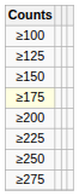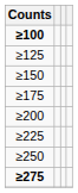 <table class="wikitable">
 <tr>
 <th>Counts</th>
 <th></th>
 <th></th>
 <th></th>
 </tr>
 <tr style="text-align:center;">
-<td>≥100</td>
+<td><strong>≥100</strong></td>
 <td></td>
 <td></td>
 <td></td>
 </tr>
 <tr style="text-align:center;">
 <td>≥125</td>
 <td></td>
 <td></td>
 <td></td>
 </tr>
 <tr style="text-align:center;">
 <td>≥150</td>
 <td></td>
 <td></td>
 <td></td>
 </tr>
 <tr style="text-align:center;">
-<td style="background: lightyellow;">≥175</td>
+<td>≥175</td>
 <td></td>
 <td></td>
 <td></td>
 </tr>
 <tr style="text-align:center;">
 <td>≥200</td>
 <td></td>
 <td></td>
 <td></td>
 </tr>
 <tr style="text-align:center;">
 <td>≥225</td>
 <td></td>
 <td></td>
 <td></td>
 </tr>
 <tr style="text-align:center;">
 <td>≥250</td>
 <td></td>
 <td></td>
 <td></td>
 </tr>
 <tr style="text-align:center;">
-<td>≥275</td>
+<td><strong>≥275</strong></td>
 <td></td>
 <td></td>
 <td></td>
 </tr>
 <tr style="text-align:center;">
 </tr>
 </table>
